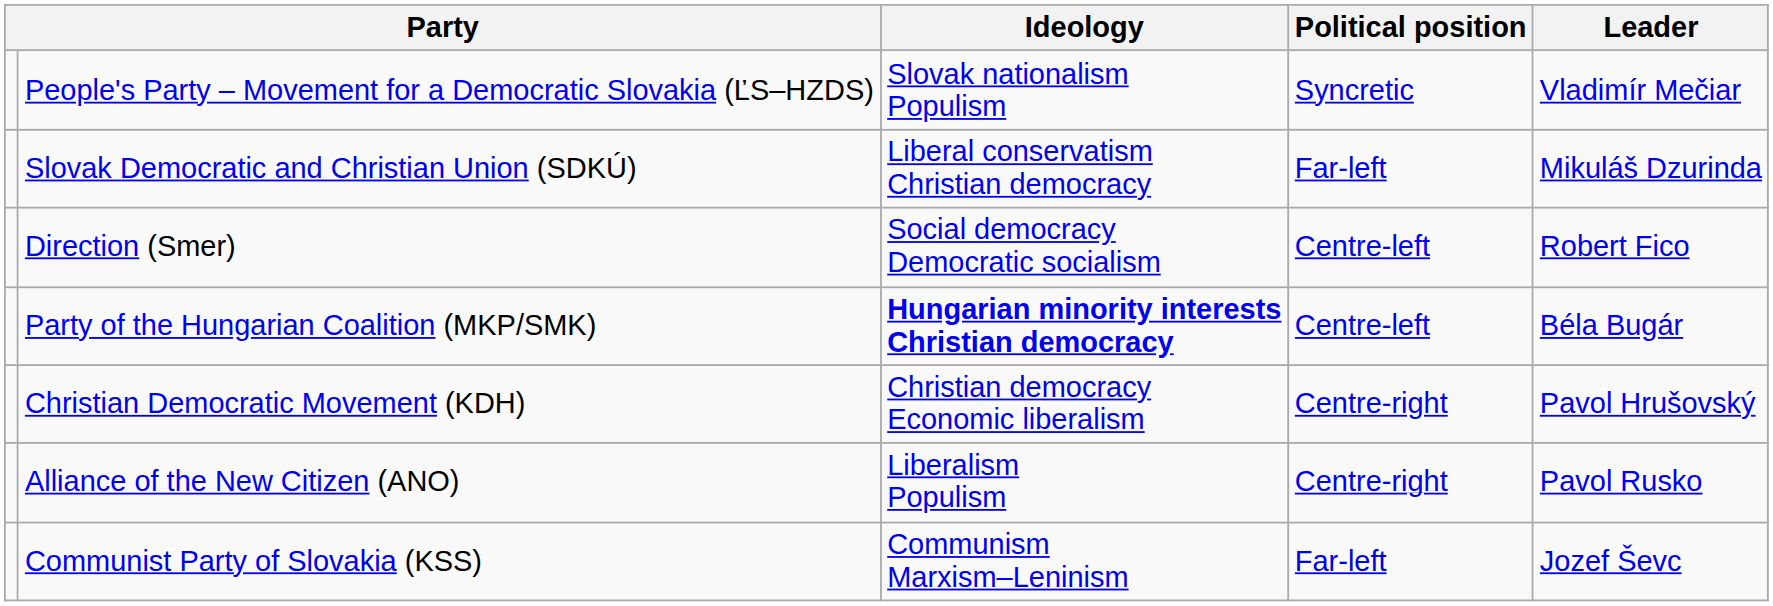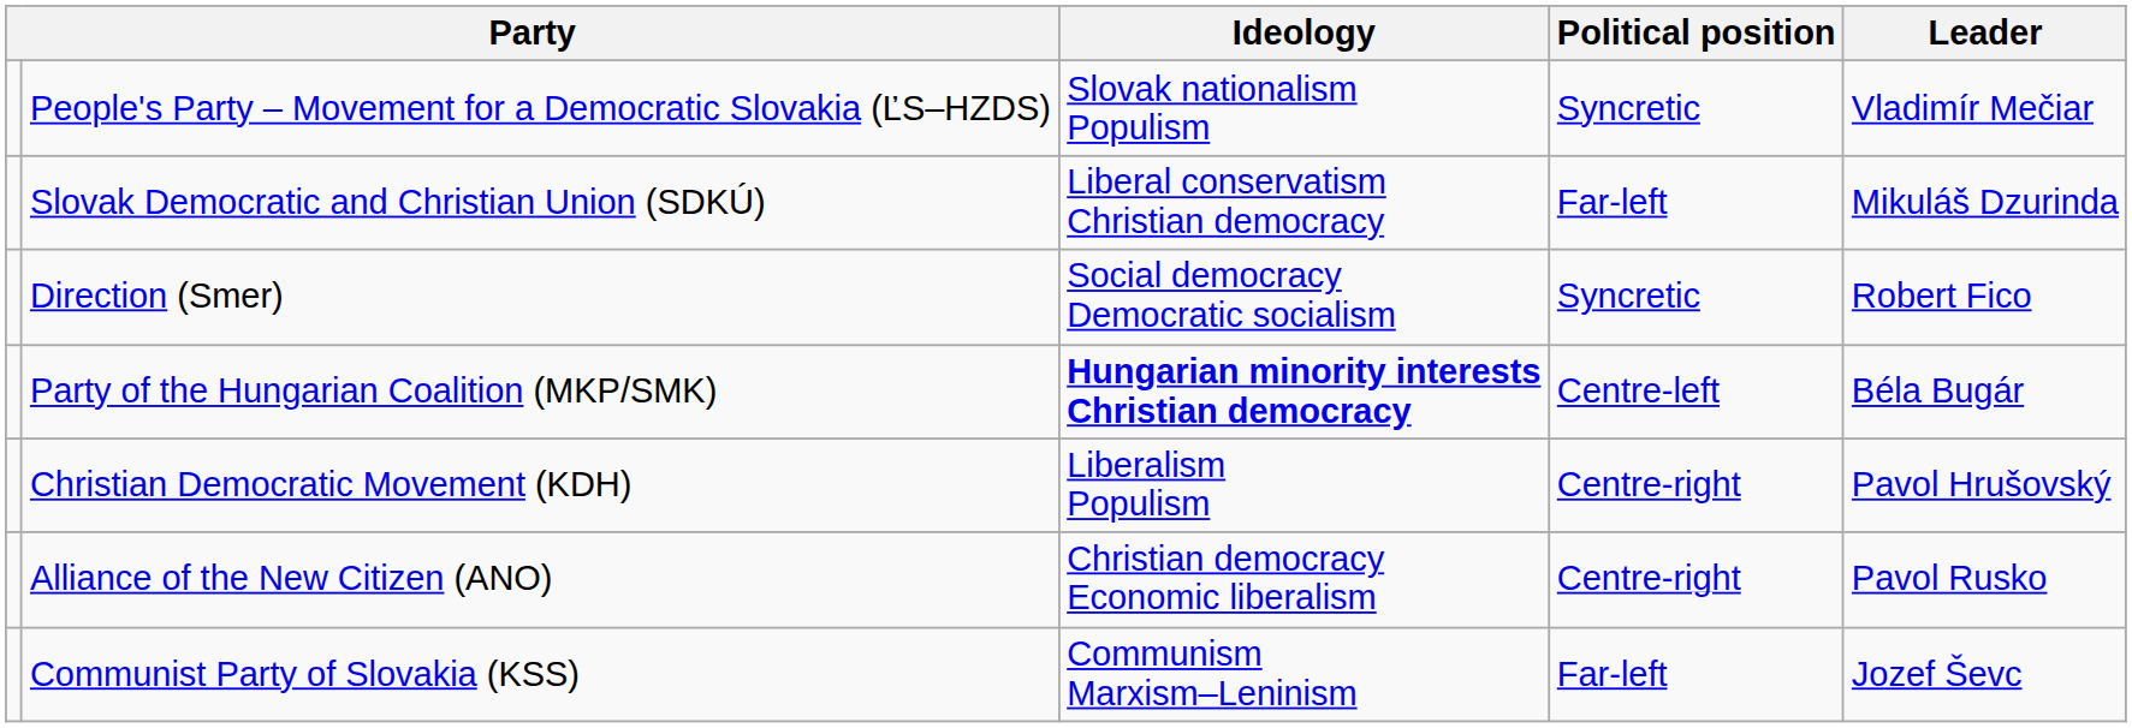 <table class="wikitable">
 <tr>
 <th colspan="2">Party</th>
 <th>Ideology</th>
 <th>Political position</th>
 <th>Leader</th>
 </tr>
 <tr>
 <td style="background:"></td>
 <td><a href='#'>People's Party – Movement for a Democratic Slovakia</a> (ĽS–HZDS)</td>
 <td><a href='#'>Slovak nationalism</a><br><a href='#'>Populism</a></td>
 <td><a href='#'>Syncretic</a></td>
 <td><a href='#'>Vladimír Mečiar</a></td>
 </tr>
 <tr>
 <td style="background:"></td>
 <td><a href='#'>Slovak Democratic and Christian Union</a> (SDKÚ)</td>
 <td><a href='#'>Liberal conservatism</a><br><a href='#'>Christian democracy</a></td>
 <td><a href='#'>Far-left</a></td>
 <td><a href='#'>Mikuláš Dzurinda</a></td>
 </tr>
 <tr>
 <td style="background:"></td>
 <td><a href='#'>Direction</a> (Smer)</td>
 <td><a href='#'>Social democracy</a><br><a href='#'>Democratic socialism</a></td>
-<td><a href='#'>Centre-left</a></td>
+<td><a href='#'>Syncretic</a></td>
 <td><a href='#'>Robert Fico</a></td>
 </tr>
 <tr>
 <td style="background:"></td>
 <td><a href='#'>Party of the Hungarian Coalition</a> (MKP/SMK)</td>
 <td><strong><a href='#'>Hungarian minority interests</a><br><a href='#'>Christian democracy</a></strong></td>
 <td><a href='#'>Centre-left</a></td>
 <td><a href='#'>Béla Bugár</a></td>
 </tr>
 <tr>
 <td style="background:"></td>
 <td><a href='#'>Christian Democratic Movement</a> (KDH)</td>
-<td><a href='#'>Christian democracy</a><br><a href='#'>Economic liberalism</a></td>
+<td><a href='#'>Liberalism</a><br><a href='#'>Populism</a></td>
 <td><a href='#'>Centre-right</a></td>
 <td><a href='#'>Pavol Hrušovský</a></td>
 </tr>
 <tr>
 <td style="background:"></td>
 <td><a href='#'>Alliance of the New Citizen</a> (ANO)</td>
-<td><a href='#'>Liberalism</a><br><a href='#'>Populism</a></td>
+<td><a href='#'>Christian democracy</a><br><a href='#'>Economic liberalism</a></td>
 <td><a href='#'>Centre-right</a></td>
 <td><a href='#'>Pavol Rusko</a></td>
 </tr>
 <tr>
 <td style="background:"></td>
 <td><a href='#'>Communist Party of Slovakia</a> (KSS)</td>
 <td><a href='#'>Communism</a><br><a href='#'>Marxism–Leninism</a></td>
 <td><a href='#'>Far-left</a></td>
 <td><a href='#'>Jozef Ševc</a></td>
 </tr>
 </table>
